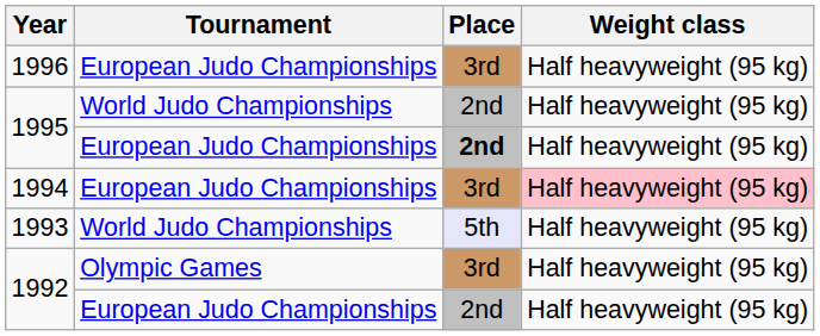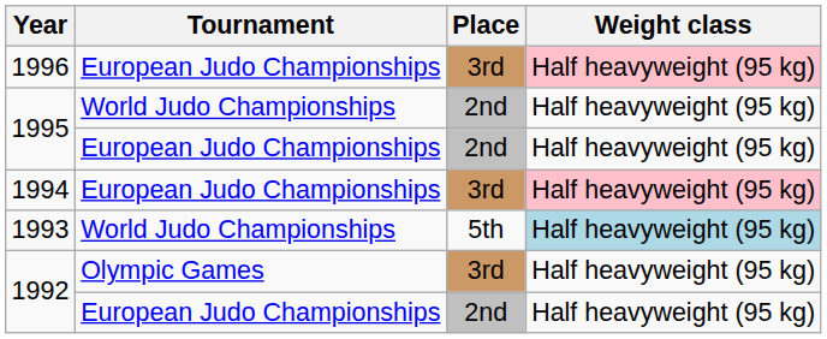 <table class=wikitable>
 <tr>
 <th>Year</th>
 <th>Tournament</th>
 <th>Place</th>
 <th>Weight class</th>
 </tr>
 <tr>
 <td>1996</td>
 <td><a href='#'>European Judo Championships</a></td>
 <td bgcolor="cc9966" align="center">3rd</td>
-<td>Half heavyweight (95 kg)</td>
+<td style="background: pink;">Half heavyweight (95 kg)</td>
 </tr>
 <tr>
 <td rowspan=2>1995</td>
 <td><a href='#'>World Judo Championships</a></td>
 <td bgcolor="silver" align="center">2nd</td>
 <td>Half heavyweight (95 kg)</td>
 </tr>
 <tr>
 <td><a href='#'>European Judo Championships</a></td>
-<td bgcolor="silver" align="center"><strong>2nd</strong></td>
+<td bgcolor="silver" align="center">2nd</td>
 <td>Half heavyweight (95 kg)</td>
 </tr>
 <tr>
 <td>1994</td>
 <td><a href='#'>European Judo Championships</a></td>
 <td bgcolor="cc9966" align="center">3rd</td>
 <td style="background: pink;">Half heavyweight (95 kg)</td>
 </tr>
 <tr>
 <td>1993</td>
 <td><a href='#'>World Judo Championships</a></td>
-<td align="center" style="background: lavender;">5th</td>
-<td>Half heavyweight (95 kg)</td>
+<td align="center">5th</td>
+<td style="background: lightblue;">Half heavyweight (95 kg)</td>
 </tr>
 <tr>
 <td rowspan=2>1992</td>
 <td><a href='#'>Olympic Games</a></td>
 <td bgcolor="cc9966" align="center">3rd</td>
 <td>Half heavyweight (95 kg)</td>
 </tr>
 <tr>
 <td><a href='#'>European Judo Championships</a></td>
 <td bgcolor="silver" align="center">2nd</td>
 <td>Half heavyweight (95 kg)</td>
 </tr>
 </table>
